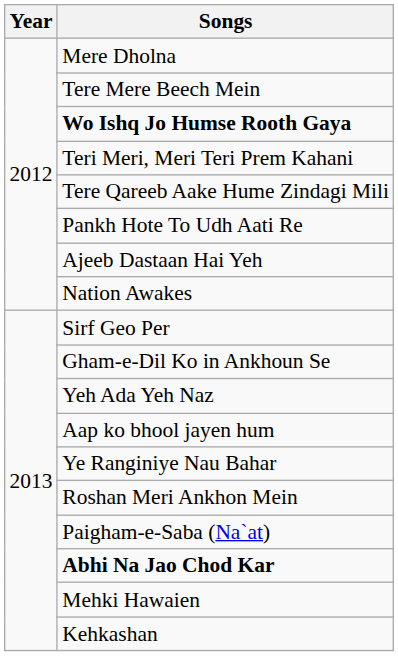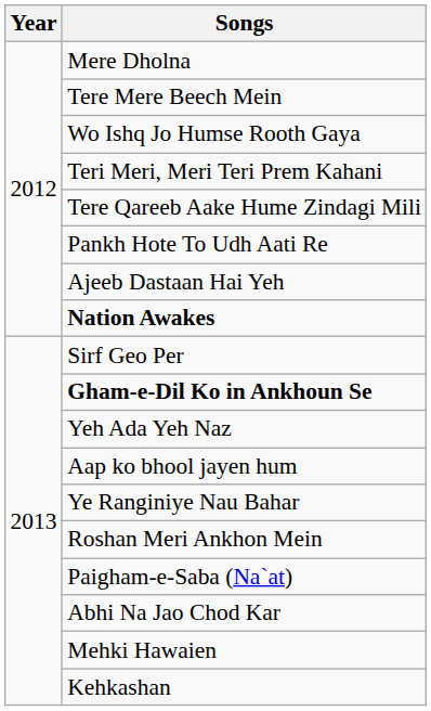 <table class="wikitable">
 <tr>
 <th>Year</th>
 <th>Songs</th>
 </tr>
 <tr>
 <td rowspan="8">2012</td>
 <td>Mere Dholna</td>
 </tr>
 <tr>
 <td>Tere Mere Beech Mein</td>
 </tr>
 <tr>
-<td><strong>Wo Ishq Jo Humse Rooth Gaya</strong></td>
+<td>Wo Ishq Jo Humse Rooth Gaya</td>
 </tr>
 <tr>
 <td>Teri Meri, Meri Teri Prem Kahani</td>
 </tr>
 <tr>
 <td>Tere Qareeb Aake Hume Zindagi Mili</td>
 </tr>
 <tr>
 <td>Pankh Hote To Udh Aati Re</td>
 </tr>
 <tr>
 <td>Ajeeb Dastaan Hai Yeh</td>
 </tr>
 <tr>
-<td>Nation Awakes</td>
+<td><strong>Nation Awakes</strong></td>
 </tr>
 <tr>
 <td rowspan="10">2013</td>
 <td>Sirf Geo Per</td>
 </tr>
 <tr>
-<td>Gham-e-Dil Ko in Ankhoun Se</td>
+<td><strong>Gham-e-Dil Ko in Ankhoun Se</strong></td>
 </tr>
 <tr>
 <td>Yeh Ada Yeh Naz</td>
 </tr>
 <tr>
 <td>Aap ko bhool jayen hum</td>
 </tr>
 <tr>
 <td>Ye Ranginiye Nau Bahar</td>
 </tr>
 <tr>
 <td>Roshan Meri Ankhon Mein</td>
 </tr>
 <tr>
 <td>Paigham-e-Saba (<a href='#'>Na`at</a>)</td>
 </tr>
 <tr>
-<td><strong>Abhi Na Jao Chod Kar</strong></td>
+<td>Abhi Na Jao Chod Kar</td>
 </tr>
 <tr>
 <td>Mehki Hawaien</td>
 </tr>
 <tr>
 <td>Kehkashan</td>
 </tr>
 </table>
